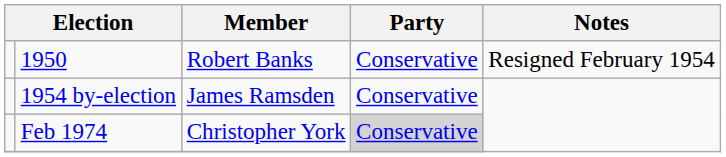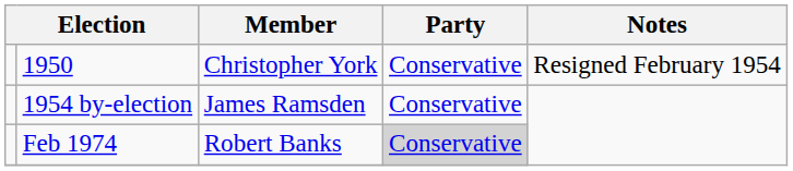 <table class="wikitable">
 <tr>
 <th colspan="2">Election</th>
 <th>Member</th>
 <th>Party</th>
 <th>Notes</th>
 </tr>
 <tr>
 <td style="color:inherit;background-color: "></td>
 <td><a href='#'>1950</a></td>
-<td><a href='#'>Robert Banks</a></td>
+<td><a href='#'>Christopher York</a></td>
 <td><a href='#'>Conservative</a></td>
 <td>Resigned February 1954</td>
 </tr>
 <tr>
 <td style="color:inherit;background-color: "></td>
 <td><a href='#'>1954 by-election</a></td>
 <td><a href='#'>James Ramsden</a></td>
 <td><a href='#'>Conservative</a></td>
 </tr>
 <tr>
 <td style="color:inherit;background-color: "></td>
 <td><a href='#'>Feb 1974</a></td>
-<td><a href='#'>Christopher York</a></td>
+<td><a href='#'>Robert Banks</a></td>
 <td style="background: lightgrey;"><a href='#'>Conservative</a></td>
 </tr>
 <tr>
 </tr>
 </table>
